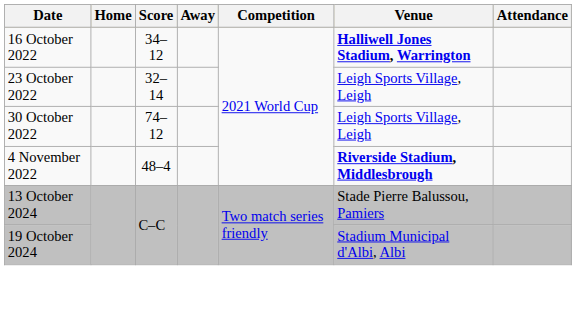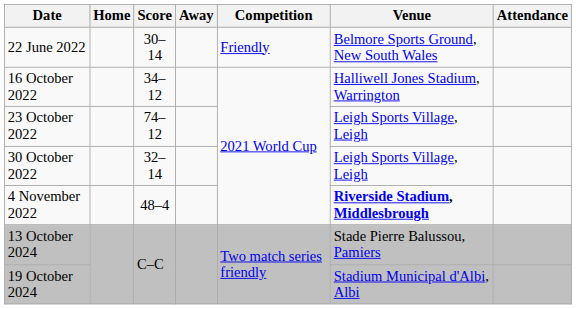 <table class="wikitable" width="100%">
 <tr bgcolor="#bdb76b">
 <th>Date</th>
 <th>Home</th>
 <th>Score</th>
 <th>Away</th>
 <th>Competition</th>
 <th>Venue</th>
 <th>Attendance</th>
 </tr>
 <tr>
+<td>22 June 2022</td>
+<td></td>
+<td style="text-align: center;">30–14</td>
+<td></td>
+<td><a href='#'>Friendly</a></td>
+<td> <a href='#'>Belmore Sports Ground</a>, <a href='#'>New South Wales</a></td>
+<td></td>
+</tr>
+<tr>
 <td>16 October 2022</td>
 <td></td>
 <td style="text-align: center;">34–12</td>
 <td></td>
 <td rowspan="4"><a href='#'>2021 World Cup</a></td>
-<td><strong> <a href='#'>Halliwell Jones Stadium</a>, <a href='#'>Warrington</a></strong></td>
+<td> <a href='#'>Halliwell Jones Stadium</a>, <a href='#'>Warrington</a></td>
 <td></td>
 </tr>
 <tr>
 <td>23 October 2022</td>
 <td></td>
-<td style="text-align: center;">32–14</td>
+<td style="text-align: center;">74–12</td>
 <td></td>
 <td> <a href='#'>Leigh Sports Village</a>, <a href='#'>Leigh</a></td>
 <td></td>
 </tr>
 <tr>
 <td>30 October 2022</td>
 <td></td>
-<td style="text-align: center;">74–12</td>
+<td style="text-align: center;">32–14</td>
 <td></td>
 <td> <a href='#'>Leigh Sports Village</a>, <a href='#'>Leigh</a></td>
 <td></td>
 </tr>
 <tr>
 <td>4 November 2022</td>
 <td></td>
 <td style="text-align: center;">48–4</td>
 <td></td>
 <td><strong> <a href='#'>Riverside Stadium</a>, <a href='#'>Middlesbrough</a></strong></td>
 <td></td>
 </tr>
 <tr style="background:#c0c0c0;">
 <td>13 October 2024</td>
 <td rowspan="2"></td>
 <td rowspan="2">C–C</td>
 <td rowspan="2"></td>
 <td rowspan="2"><a href='#'>Two match series friendly</a></td>
 <td> Stade Pierre Balussou, <a href='#'>Pamiers</a></td>
 <td></td>
 </tr>
 <tr style="background:#c0c0c0;">
 <td>19 October 2024</td>
 <td> <a href='#'>Stadium Municipal d'Albi</a>, <a href='#'>Albi</a></td>
 <td></td>
 </tr>
 </table>
